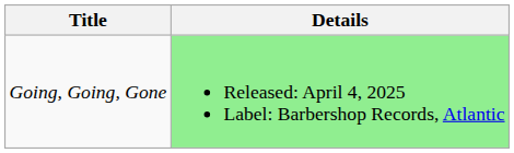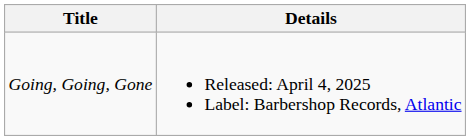 <table class="wikitable">
 <tr>
 <th>Title</th>
 <th>Details</th>
 </tr>
 <tr>
 <td><em>Going, Going, Gone</em></td>
-<td style="background: lightgreen;"><br><ul><li>Released: April 4, 2025</li><li>Label: Barbershop Records, <a href='#'>Atlantic</a></li></ul></td>
+<td><br><ul><li>Released: April 4, 2025</li><li>Label: Barbershop Records, <a href='#'>Atlantic</a></li></ul></td>
 </tr>
 </table>
